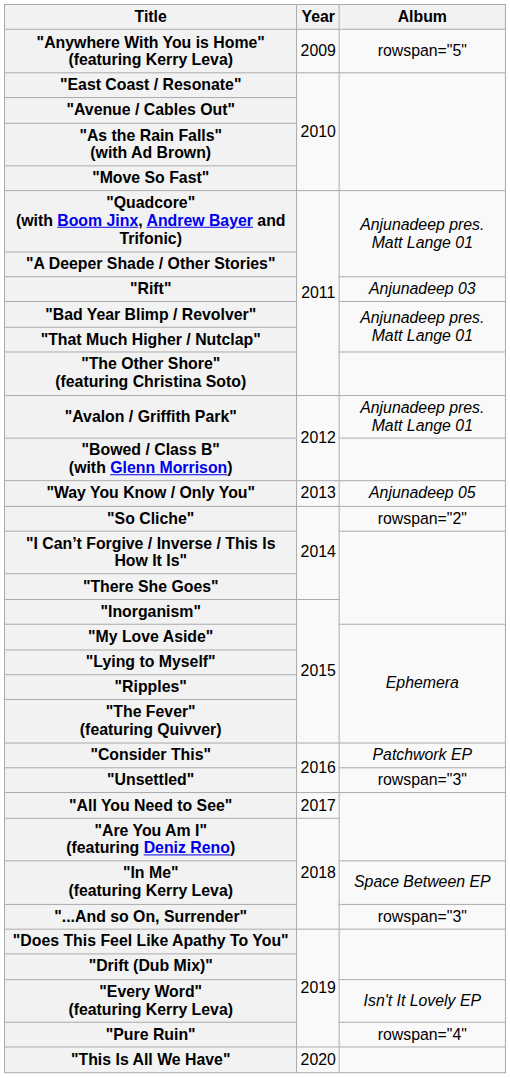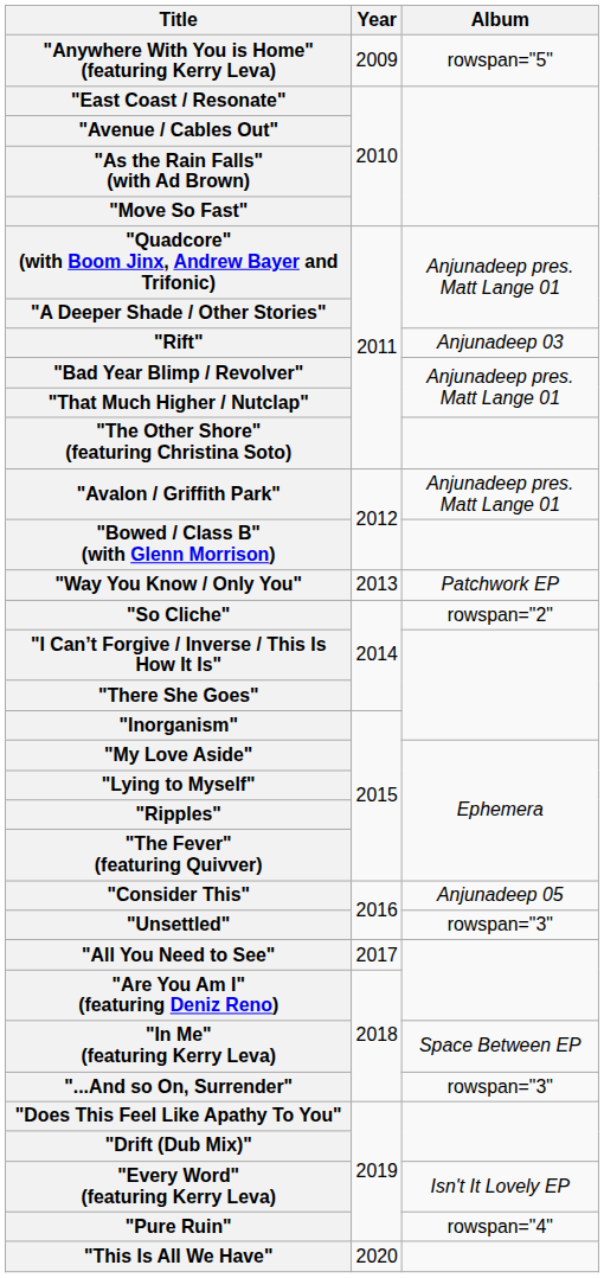 <table class="wikitable plainrowheaders" style="text-align:center;">
 <tr>
 <th scope="col" style="width:18em;">Title</th>
 <th scope="col" style="width:2em;">Year</th>
 <th scope="col" style="width:10em;">Album</th>
 </tr>
 <tr>
 <th scope="row">"Anywhere With You is Home" <br><span>(featuring Kerry Leva)</span></th>
 <td>2009</td>
 <td>rowspan="5" </td>
 </tr>
 <tr>
 <th scope="row">"East Coast / Resonate"</th>
 <td rowspan="4">2010</td>
 </tr>
 <tr>
 <th scope="row">"Avenue / Cables Out"</th>
 </tr>
 <tr>
 <th scope="row">"As the Rain Falls" <br><span>(with Ad Brown)</span></th>
 </tr>
 <tr>
 <th scope="row">"Move So Fast"</th>
 </tr>
 <tr>
 <th scope="row">"Quadcore" <br><span>(with <a href='#'>Boom Jinx</a>, <a href='#'>Andrew Bayer</a> and Trifonic)</span></th>
 <td rowspan="6">2011</td>
 <td rowspan="2"><em>Anjunadeep pres. Matt Lange 01</em></td>
 </tr>
 <tr>
 <th scope="row">"A Deeper Shade / Other Stories"</th>
 </tr>
 <tr>
 <th scope="row">"Rift"</th>
 <td><em>Anjunadeep 03</em></td>
 </tr>
 <tr>
 <th scope="row">"Bad Year Blimp / Revolver"</th>
 <td rowspan="2"><em>Anjunadeep pres. Matt Lange 01</em></td>
 </tr>
 <tr>
 <th scope="row">"That Much Higher / Nutclap"</th>
 </tr>
 <tr>
 <th scope="row">"The Other Shore" <br><span>(featuring Christina Soto)</span></th>
 <td></td>
 </tr>
 <tr>
 <th scope="row">"Avalon / Griffith Park"</th>
 <td rowspan="2">2012</td>
 <td><em>Anjunadeep pres. Matt Lange 01</em></td>
 </tr>
 <tr>
 <th scope="row">"Bowed / Class B" <br><span>(with <a href='#'>Glenn Morrison</a>)</span></th>
 <td></td>
 </tr>
 <tr>
 <th scope="row">"Way You Know / Only You"</th>
 <td>2013</td>
-<td><em>Anjunadeep 05</em></td>
+<td><em>Patchwork EP</em></td>
 </tr>
 <tr>
 <th scope="row">"So Cliche"</th>
 <td rowspan="3">2014</td>
 <td>rowspan="2" </td>
 </tr>
 <tr>
 <th scope="row">"I Can’t Forgive / Inverse / This Is How It Is"</th>
 </tr>
 <tr>
 <th scope="row">"There She Goes"</th>
 </tr>
 <tr>
 <th scope="row">"Inorganism"</th>
 <td rowspan="5">2015</td>
 </tr>
 <tr>
 <th scope="row">"My Love Aside"</th>
 <td rowspan="4"><em>Ephemera</em></td>
 </tr>
 <tr>
 <th scope="row">"Lying to Myself"</th>
 </tr>
 <tr>
 <th scope="row">"Ripples"</th>
 </tr>
 <tr>
 <th scope="row">"The Fever" <br><span>(featuring Quivver)</span></th>
 </tr>
 <tr>
 <th scope="row">"Consider This"</th>
 <td rowspan="2">2016</td>
-<td><em>Patchwork EP</em></td>
+<td><em>Anjunadeep 05</em></td>
 </tr>
 <tr>
 <th scope="row">"Unsettled"</th>
 <td>rowspan="3" </td>
 </tr>
 <tr>
 <th scope="row">"All You Need to See"</th>
 <td>2017</td>
 </tr>
 <tr>
 <th scope="row">"Are You Am I" <br><span>(featuring <a href='#'>Deniz Reno</a>)</span></th>
 <td rowspan="3">2018</td>
 </tr>
 <tr>
 <th scope="row">"In Me" <br><span>(featuring Kerry Leva)</span></th>
 <td><em>Space Between EP</em></td>
 </tr>
 <tr>
 <th scope="row">"...And so On, Surrender"</th>
 <td>rowspan="3" </td>
 </tr>
 <tr>
 <th scope="row">"Does This Feel Like Apathy To You"</th>
 <td rowspan="4">2019</td>
 </tr>
 <tr>
 <th scope="row">"Drift (Dub Mix)"</th>
 </tr>
 <tr>
 <th scope="row">"Every Word" <br><span>(featuring Kerry Leva)</span></th>
 <td><em>Isn't It Lovely EP</em></td>
 </tr>
 <tr>
 <th scope="row">"Pure Ruin"</th>
 <td>rowspan="4" </td>
 </tr>
 <tr>
 <th scope="row">"This Is All We Have"</th>
 <td>2020</td>
 </tr>
 </table>
